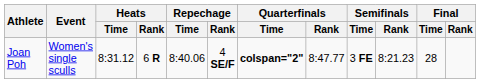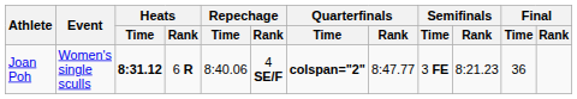 <table class="wikitable" style="font-size:90%; text-align:center">
 <tr>
 <th rowspan="2">Athlete</th>
 <th rowspan="2">Event</th>
 <th colspan="2">Heats</th>
 <th colspan="2">Repechage</th>
 <th colspan="2">Quarterfinals</th>
 <th colspan="2">Semifinals</th>
 <th colspan="2">Final</th>
 </tr>
 <tr style="font-size:95%">
 <th>Time</th>
 <th>Rank</th>
 <th>Time</th>
 <th>Rank</th>
 <th>Time</th>
 <th>Rank</th>
 <th>Time</th>
 <th>Rank</th>
 <th>Time</th>
 <th>Rank</th>
 </tr>
 <tr>
 <td style="text-align:left"><a href='#'>Joan Poh</a></td>
 <td style="text-align:left"><a href='#'>Women's single sculls</a></td>
-<td>8:31.12</td>
+<td><strong>8:31.12</strong></td>
 <td>6 <strong>R</strong></td>
 <td>8:40.06</td>
 <td>4 <strong>SE/F</strong></td>
 <td><strong>colspan="2" </strong></td>
 <td>8:47.77</td>
 <td>3 <strong>FE</strong></td>
 <td>8:21.23</td>
-<td>28</td>
+<td>36</td>
 </tr>
 </table>
